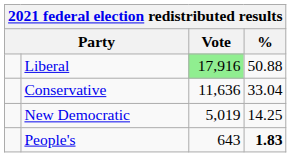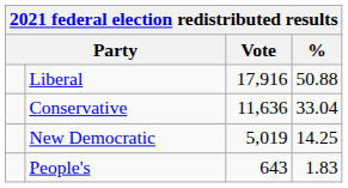 <table class="wikitable">
 <tr>
 <th colspan="4"><a href='#'>2021 federal election</a> redistributed results</th>
 </tr>
 <tr>
 <th bgcolor="#DDDDFF" width="130px" colspan="2">Party</th>
 <th bgcolor="#DDDDFF" width="50px">Vote</th>
 <th bgcolor="#DDDDFF" width="30px">%</th>
 </tr>
 <tr>
 <td> </td>
 <td><a href='#'>Liberal</a></td>
-<td align=right style="background: lightgreen;">17,916</td>
+<td align=right>17,916</td>
 <td align=right>50.88</td>
 </tr>
 <tr>
 <td> </td>
 <td><a href='#'>Conservative</a></td>
 <td align=right>11,636</td>
 <td align=right>33.04</td>
 </tr>
 <tr>
 <td> </td>
 <td><a href='#'>New Democratic</a></td>
 <td align=right>5,019</td>
 <td align=right>14.25</td>
 </tr>
 <tr>
 <td> </td>
 <td><a href='#'>People's</a></td>
 <td align=right>643</td>
-<td align=right><strong>1.83</strong></td>
+<td align=right>1.83</td>
 </tr>
 </table>
